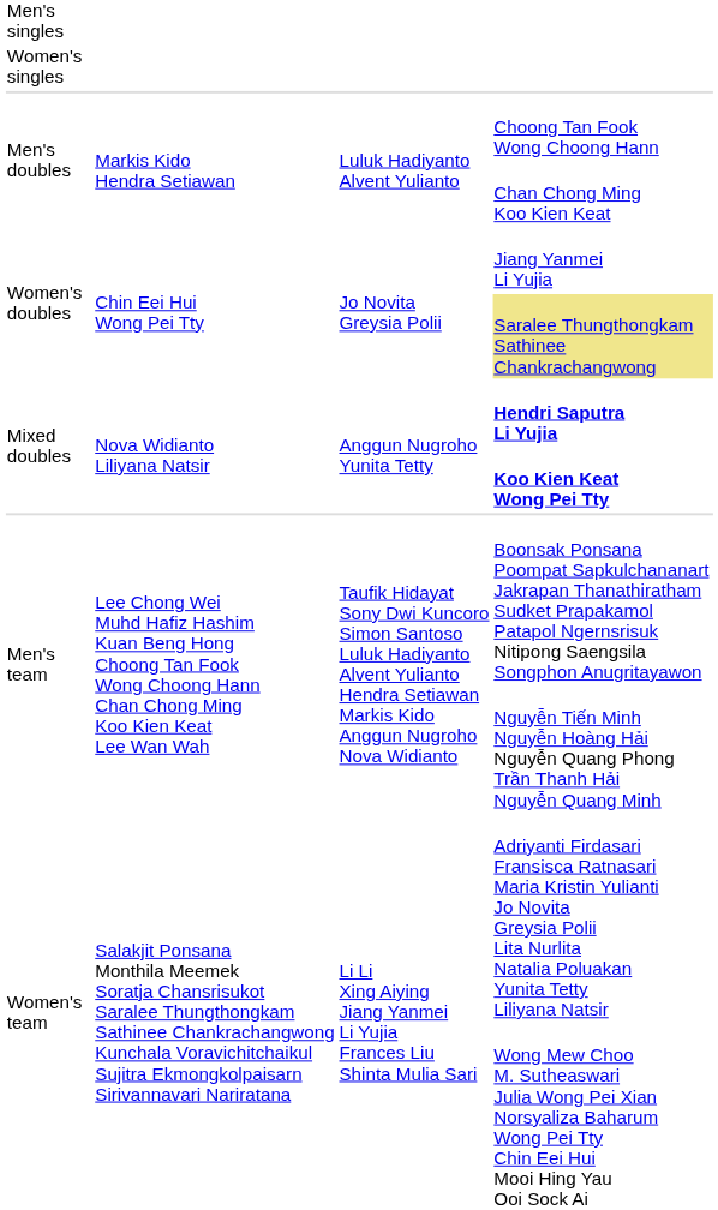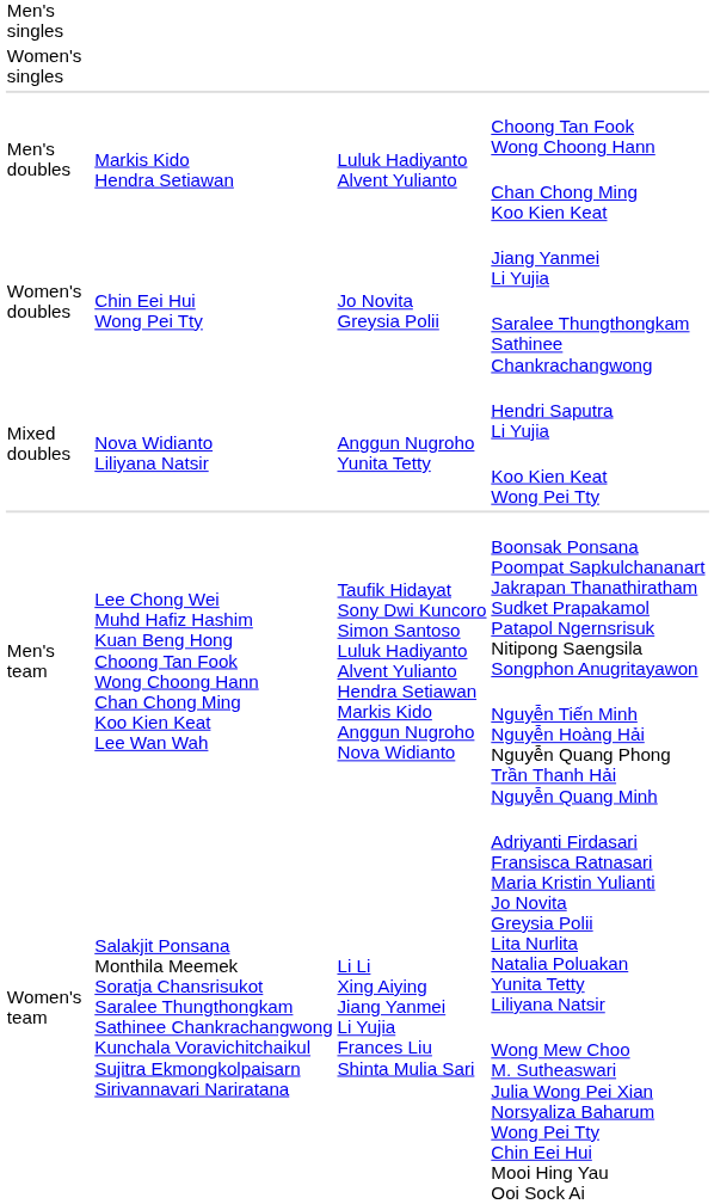 <table>
 <tr>
 <td rowspan=2>Men's singles</td>
 <td rowspan=2></td>
 <td rowspan=2></td>
 <td></td>
 </tr>
 <tr>
 <td></td>
 </tr>
 <tr>
 <td rowspan=2>Women's singles</td>
 <td rowspan=2></td>
 <td rowspan=2></td>
 <td></td>
 </tr>
 <tr>
 <td></td>
 </tr>
 <tr bgcolor=#dddddd>
 <td colspan=4></td>
 </tr>
 <tr>
 <td rowspan=2>Men's doubles</td>
 <td rowspan=2> <br><a href='#'>Markis Kido</a><br><a href='#'>Hendra Setiawan</a></td>
 <td rowspan=2> <br> <a href='#'>Luluk Hadiyanto</a> <br> <a href='#'>Alvent Yulianto</a></td>
 <td> <br> <a href='#'>Choong Tan Fook</a> <br> <a href='#'>Wong Choong Hann</a></td>
 </tr>
 <tr>
 <td><br> <a href='#'>Chan Chong Ming</a> <br> <a href='#'>Koo Kien Keat</a></td>
 </tr>
 <tr>
 <td rowspan=2>Women's doubles</td>
 <td rowspan=2><br> <a href='#'>Chin Eei Hui</a><br><a href='#'>Wong Pei Tty</a></td>
 <td rowspan=2> <br> <a href='#'>Jo Novita</a> <br> <a href='#'>Greysia Polii</a></td>
 <td> <br> <a href='#'>Jiang Yanmei</a> <br> <a href='#'>Li Yujia</a></td>
 </tr>
 <tr>
-<td style="background: khaki;"> <br> <a href='#'>Saralee Thungthongkam</a> <br> <a href='#'>Sathinee Chankrachangwong</a></td>
+<td> <br> <a href='#'>Saralee Thungthongkam</a> <br> <a href='#'>Sathinee Chankrachangwong</a></td>
 </tr>
 <tr>
 <td rowspan=2>Mixed doubles</td>
 <td rowspan=2> <br> <a href='#'>Nova Widianto</a><br><a href='#'>Liliyana Natsir</a></td>
 <td rowspan=2> <br> <a href='#'>Anggun Nugroho</a> <br> <a href='#'>Yunita Tetty</a></td>
-<td nowrap><strong> <br> <a href='#'>Hendri Saputra</a> <br> <a href='#'>Li Yujia</a></strong></td>
+<td nowrap> <br> <a href='#'>Hendri Saputra</a> <br> <a href='#'>Li Yujia</a></td>
 </tr>
 <tr>
-<td><strong> <br> <a href='#'>Koo Kien Keat</a> <br> <a href='#'>Wong Pei Tty</a></strong></td>
+<td> <br> <a href='#'>Koo Kien Keat</a> <br> <a href='#'>Wong Pei Tty</a></td>
 </tr>
 <tr bgcolor=#dddddd>
 <td colspan=4></td>
 </tr>
 <tr>
 <td rowspan=2>Men's team</td>
 <td rowspan=2><br><a href='#'>Lee Chong Wei</a><br><a href='#'>Muhd Hafiz Hashim</a><br><a href='#'>Kuan Beng Hong</a><br><a href='#'>Choong Tan Fook</a><br><a href='#'>Wong Choong Hann</a><br><a href='#'>Chan Chong Ming</a><br><a href='#'>Koo Kien Keat</a><br><a href='#'>Lee Wan Wah</a></td>
 <td rowspan=2 nowrap><br><a href='#'>Taufik Hidayat</a><br><a href='#'>Sony Dwi Kuncoro</a><br><a href='#'>Simon Santoso</a><br><a href='#'>Luluk Hadiyanto</a><br><a href='#'>Alvent Yulianto</a><br><a href='#'>Hendra Setiawan</a><br><a href='#'>Markis Kido</a><br><a href='#'>Anggun Nugroho</a><br><a href='#'>Nova Widianto</a></td>
 <td nowrap><br><a href='#'>Boonsak Ponsana</a><br><a href='#'>Poompat Sapkulchananart</a><br><a href='#'>Jakrapan Thanathiratham</a><br><a href='#'>Sudket Prapakamol</a><br><a href='#'>Patapol Ngernsrisuk</a><br>Nitipong Saengsila<br><a href='#'>Songphon Anugritayawon</a></td>
 </tr>
 <tr>
 <td><br><a href='#'>Nguyễn Tiến Minh</a><br><a href='#'>Nguyễn Hoàng Hải</a><br>Nguyễn Quang Phong<br><a href='#'>Trần Thanh Hải</a><br><a href='#'>Nguyễn Quang Minh</a></td>
 </tr>
 <tr>
 <td rowspan=2>Women's team</td>
 <td rowspan=2 nowrap><br><a href='#'>Salakjit Ponsana</a><br>Monthila Meemek<br><a href='#'>Soratja Chansrisukot</a><br><a href='#'>Saralee Thungthongkam</a><br><a href='#'>Sathinee Chankrachangwong</a><br><a href='#'>Kunchala Voravichitchaikul</a><br><a href='#'>Sujitra Ekmongkolpaisarn</a><br><a href='#'>Sirivannavari Nariratana</a></td>
 <td rowspan=2><br><a href='#'>Li Li</a><br><a href='#'>Xing Aiying</a><br><a href='#'>Jiang Yanmei</a><br><a href='#'>Li Yujia</a><br><a href='#'>Frances Liu</a><br><a href='#'>Shinta Mulia Sari</a></td>
 <td><br><a href='#'>Adriyanti Firdasari</a><br><a href='#'>Fransisca Ratnasari</a><br><a href='#'>Maria Kristin Yulianti</a><br><a href='#'>Jo Novita</a><br><a href='#'>Greysia Polii</a><br><a href='#'>Lita Nurlita</a><br><a href='#'>Natalia Poluakan</a><br><a href='#'>Yunita Tetty</a><br><a href='#'>Liliyana Natsir</a></td>
 </tr>
 <tr>
 <td><br><a href='#'>Wong Mew Choo</a><br><a href='#'>M. Sutheaswari</a><br><a href='#'>Julia Wong Pei Xian</a><br><a href='#'>Norsyaliza Baharum</a><br><a href='#'>Wong Pei Tty</a><br><a href='#'>Chin Eei Hui</a><br>Mooi Hing Yau<br>Ooi Sock Ai</td>
 </tr>
 </table>
